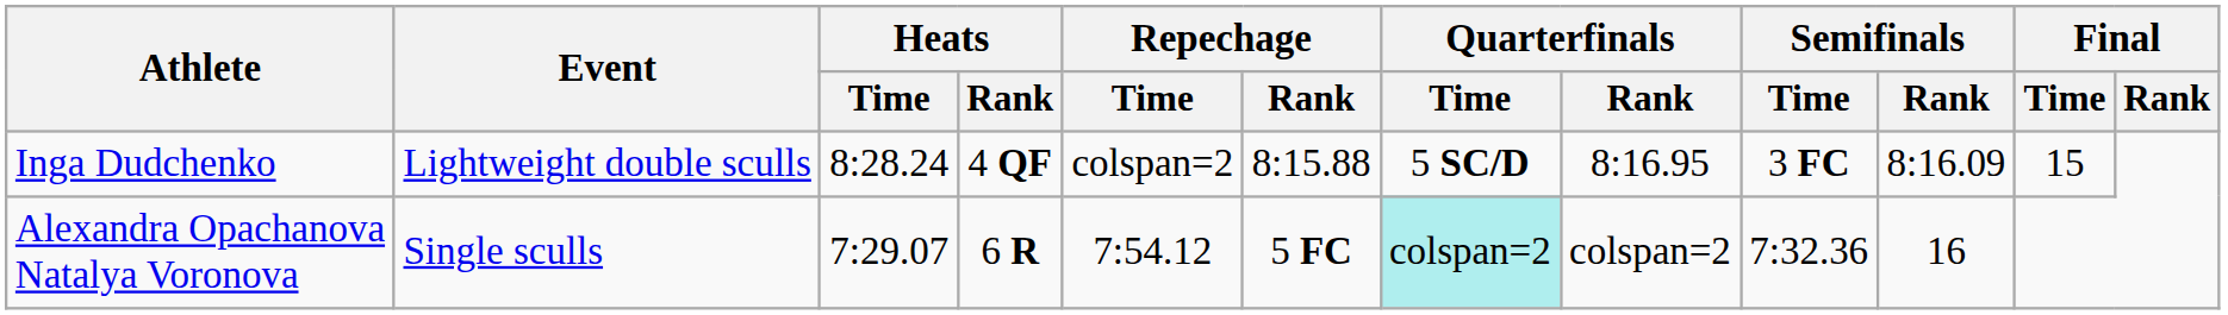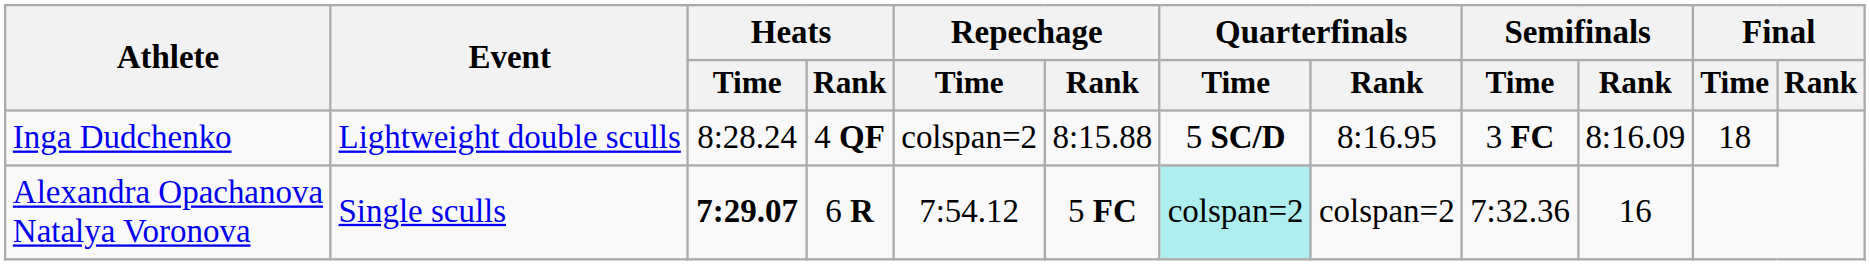 <table class="wikitable" style="font-size:90%">
 <tr>
 <th rowspan="2">Athlete</th>
 <th rowspan="2">Event</th>
 <th colspan="2">Heats</th>
 <th colspan="2">Repechage</th>
 <th colspan="2">Quarterfinals</th>
 <th colspan="2">Semifinals</th>
 <th colspan="2">Final</th>
 </tr>
 <tr style="font-size:95%">
 <th>Time</th>
 <th>Rank</th>
 <th>Time</th>
 <th>Rank</th>
 <th>Time</th>
 <th>Rank</th>
 <th>Time</th>
 <th>Rank</th>
 <th>Time</th>
 <th>Rank</th>
 </tr>
 <tr align=center>
 <td align=left><a href='#'>Inga Dudchenko</a></td>
 <td align=left><a href='#'>Lightweight double sculls</a></td>
 <td>8:28.24</td>
 <td>4 <strong>QF</strong></td>
 <td>colspan=2 </td>
 <td>8:15.88</td>
 <td>5 <strong>SC/D</strong></td>
 <td>8:16.95</td>
 <td>3 <strong>FC</strong></td>
 <td>8:16.09</td>
-<td>15</td>
+<td>18</td>
 </tr>
 <tr align=center>
 <td align=left><a href='#'>Alexandra Opachanova</a><br><a href='#'>Natalya Voronova</a></td>
 <td align=left><a href='#'>Single sculls</a></td>
-<td>7:29.07</td>
+<td><strong>7:29.07</strong></td>
 <td>6 <strong>R</strong></td>
 <td>7:54.12</td>
 <td>5 <strong>FC</strong></td>
 <td style="background: paleturquoise;">colspan=2 </td>
 <td>colspan=2 </td>
 <td>7:32.36</td>
 <td>16</td>
 </tr>
 </table>
